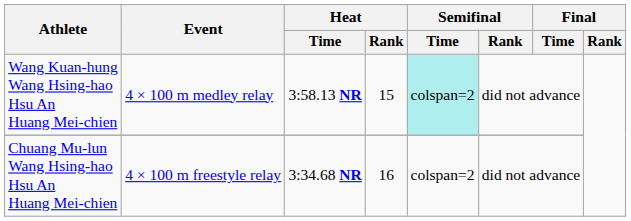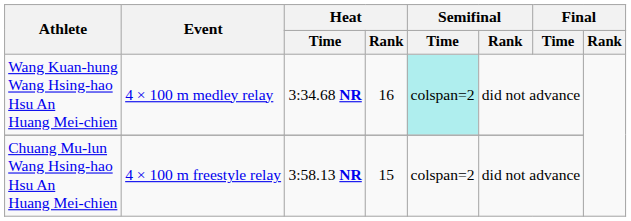 <table class=wikitable style="font-size:90%">
 <tr>
 <th rowspan="2">Athlete</th>
 <th rowspan="2">Event</th>
 <th colspan="2">Heat</th>
 <th colspan="2">Semifinal</th>
 <th colspan="2">Final</th>
 </tr>
 <tr style="font-size:95%">
 <th>Time</th>
 <th>Rank</th>
 <th>Time</th>
 <th>Rank</th>
 <th>Time</th>
 <th>Rank</th>
 </tr>
 <tr style="text-align:center">
 <td style="text-align:left"><a href='#'>Wang Kuan-hung</a><br><a href='#'>Wang Hsing-hao</a><br><a href='#'>Hsu An</a><br><a href='#'>Huang Mei-chien</a></td>
 <td style="text-align:left"><a href='#'>4 × 100 m medley relay</a></td>
-<td>3:58.13 <strong><a href='#'>NR</a></strong></td>
-<td>15</td>
+<td>3:34.68 <strong><a href='#'>NR</a></strong></td>
+<td>16</td>
 <td style="background: paleturquoise;">colspan=2</td>
 <td colspan=2>did not advance</td>
 </tr>
 <tr>
 </tr>
 <tr style="text-align:center">
 <td style="text-align:left"><a href='#'>Chuang Mu-lun</a><br><a href='#'>Wang Hsing-hao</a><br><a href='#'>Hsu An</a><br><a href='#'>Huang Mei-chien</a></td>
 <td style="text-align:left"><a href='#'>4 × 100 m freestyle relay</a></td>
-<td>3:34.68 <strong><a href='#'>NR</a></strong></td>
-<td>16</td>
+<td>3:58.13 <strong><a href='#'>NR</a></strong></td>
+<td>15</td>
 <td>colspan=2</td>
 <td colspan=2>did not advance</td>
 </tr>
 </table>
